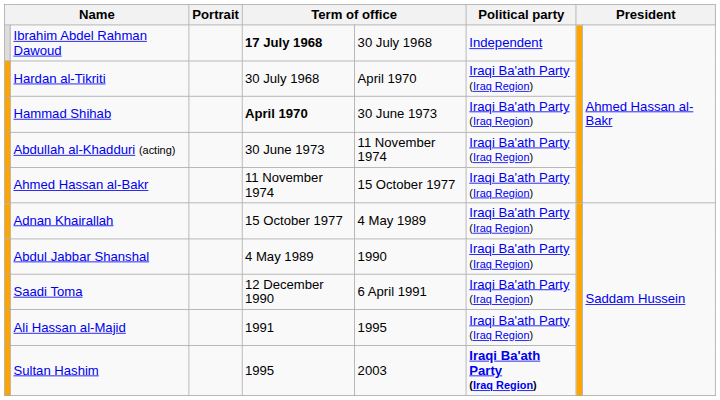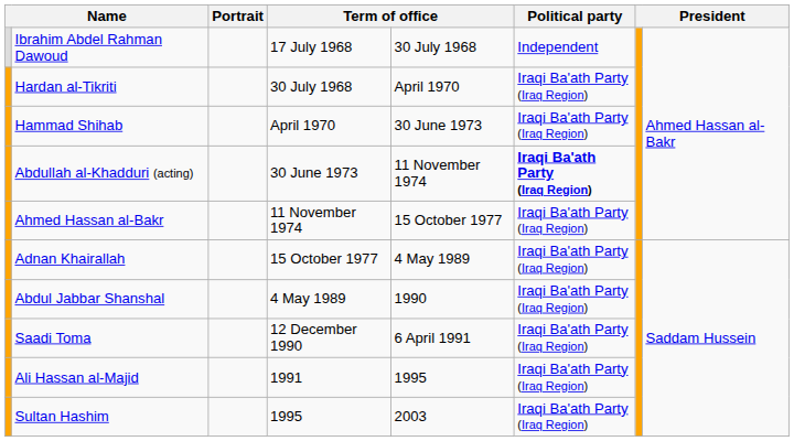 <table class="wikitable">
 <tr>
 <th colspan=2>Name</th>
 <th>Portrait</th>
 <th colspan=2>Term of office</th>
 <th>Political party</th>
 <th colspan=2>President</th>
 </tr>
 <tr>
 <td bgcolor="#DDDDDD"></td>
 <td><a href='#'>Ibrahim Abdel Rahman Dawoud</a></td>
 <td></td>
-<td><strong>17 July 1968</strong></td>
+<td>17 July 1968</td>
 <td>30 July 1968</td>
 <td><a href='#'>Independent</a></td>
 <td rowspan="5" bgcolor="Orange"></td>
 <td rowspan="5"><a href='#'>Ahmed Hassan al-Bakr</a></td>
 </tr>
 <tr>
 <td bgcolor="Orange"></td>
 <td><a href='#'>Hardan al-Tikriti</a></td>
 <td></td>
 <td>30 July 1968</td>
 <td>April 1970</td>
 <td><a href='#'>Iraqi Ba'ath Party</a><br><small>(<a href='#'>Iraq Region</a>)</small></td>
 </tr>
 <tr>
 <td bgcolor="Orange"></td>
 <td><a href='#'>Hammad Shihab</a></td>
 <td></td>
-<td><strong>April 1970</strong></td>
+<td>April 1970</td>
 <td>30 June 1973</td>
 <td><a href='#'>Iraqi Ba'ath Party</a><br><small>(<a href='#'>Iraq Region</a>)</small></td>
 </tr>
 <tr>
 <td bgcolor="Orange"></td>
 <td><a href='#'>Abdullah al-Khadduri</a> <small>(acting)</small></td>
 <td></td>
 <td>30 June 1973</td>
 <td>11 November 1974</td>
-<td><a href='#'>Iraqi Ba'ath Party</a><br><small>(<a href='#'>Iraq Region</a>)</small></td>
+<td><strong><a href='#'>Iraqi Ba'ath Party</a><br><small>(<a href='#'>Iraq Region</a>)</small></strong></td>
 </tr>
 <tr>
 <td bgcolor="Orange"></td>
 <td><a href='#'>Ahmed Hassan al-Bakr</a></td>
 <td></td>
 <td>11 November 1974</td>
 <td>15 October 1977</td>
 <td><a href='#'>Iraqi Ba'ath Party</a><br><small>(<a href='#'>Iraq Region</a>)</small></td>
 </tr>
 <tr>
 <td bgcolor="Orange"></td>
 <td><a href='#'>Adnan Khairallah</a></td>
 <td></td>
 <td>15 October 1977</td>
 <td>4 May 1989</td>
 <td><a href='#'>Iraqi Ba'ath Party</a><br><small>(<a href='#'>Iraq Region</a>)</small></td>
 <td rowspan="5" bgcolor="Orange"></td>
 <td rowspan="5"><a href='#'>Saddam Hussein</a></td>
 </tr>
 <tr>
 <td bgcolor="Orange"></td>
 <td><a href='#'>Abdul Jabbar Shanshal</a></td>
 <td></td>
 <td>4 May 1989</td>
 <td>1990</td>
 <td><a href='#'>Iraqi Ba'ath Party</a><br><small>(<a href='#'>Iraq Region</a>)</small></td>
 </tr>
 <tr>
 <td bgcolor="Orange"></td>
 <td><a href='#'>Saadi Toma</a></td>
 <td></td>
 <td>12 December 1990</td>
 <td>6 April 1991</td>
 <td><a href='#'>Iraqi Ba'ath Party</a><br><small>(<a href='#'>Iraq Region</a>)</small></td>
 </tr>
 <tr>
 <td bgcolor="Orange"></td>
 <td><a href='#'>Ali Hassan al-Majid</a></td>
 <td></td>
 <td>1991</td>
 <td>1995</td>
 <td><a href='#'>Iraqi Ba'ath Party</a><br><small>(<a href='#'>Iraq Region</a>)</small></td>
 </tr>
 <tr>
 <td bgcolor="Orange"></td>
 <td><a href='#'>Sultan Hashim</a></td>
 <td></td>
 <td>1995</td>
 <td>2003</td>
-<td><strong><a href='#'>Iraqi Ba'ath Party</a><br><small>(<a href='#'>Iraq Region</a>)</small></strong></td>
+<td><a href='#'>Iraqi Ba'ath Party</a><br><small>(<a href='#'>Iraq Region</a>)</small></td>
 </tr>
 </table>
